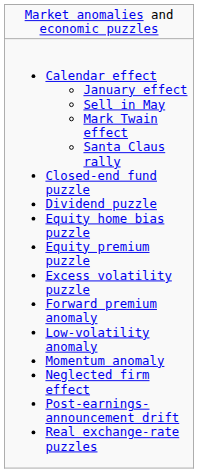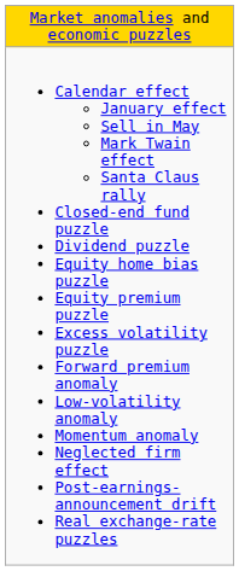 <table class="wikitable floatright" | width="200">
 <tr style="font-size:75%">
 </tr>
 <tr align="center">
-<td colspan="1"><a href='#'>Market anomalies</a> and <a href='#'>economic puzzles</a></td>
+<td colspan="1" style="background: gold;"><a href='#'>Market anomalies</a> and <a href='#'>economic puzzles</a></td>
 </tr>
 <tr>
 <td rowspan="2"><br><ul><li><a href='#'>Calendar effect</a><ul><li><a href='#'>January effect</a></li><li><a href='#'>Sell in May</a></li><li><a href='#'>Mark Twain effect</a></li><li><a href='#'>Santa Claus rally</a></li></ul></li><li><a href='#'>Closed-end fund puzzle</a></li><li><a href='#'>Dividend puzzle</a></li><li><a href='#'>Equity home bias puzzle</a></li><li><a href='#'>Equity premium puzzle</a></li><li><a href='#'>Excess volatility puzzle</a></li><li><a href='#'>Forward premium anomaly</a></li><li><a href='#'>Low-volatility anomaly</a></li><li><a href='#'>Momentum anomaly</a></li><li><a href='#'>Neglected firm effect</a></li><li><a href='#'>Post-earnings-announcement drift</a></li><li><a href='#'>Real exchange-rate puzzles</a></li></ul></td>
 </tr>
 <tr>
 </tr>
 </table>
